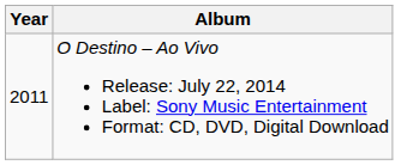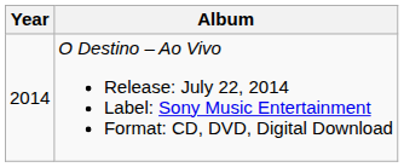 <table class="wikitable" style="text-align:center;">
 <tr>
 <th>Year</th>
 <th>Album</th>
 </tr>
 <tr>
-<td>2011</td>
+<td>2014</td>
 <td style="text-align:left;"><em>O Destino – Ao Vivo</em><br><ul><li>Release: July 22, 2014</li><li>Label: <a href='#'>Sony Music Entertainment</a></li><li>Format: CD, DVD, Digital Download</li></ul></td>
 </tr>
 </table>
